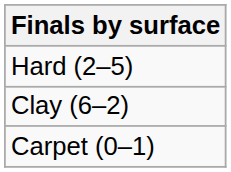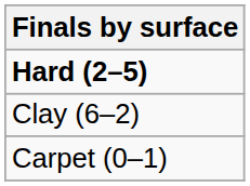 <table class=wikitable style=font-size:90%>
 <tr>
 <th>Finals by surface</th>
 </tr>
 <tr>
-<td>Hard (2–5)</td>
+<td><strong>Hard (2–5)</strong></td>
 </tr>
 <tr>
 <td>Clay (6–2)</td>
 </tr>
 <tr>
 <td>Carpet (0–1)</td>
 </tr>
 </table>
